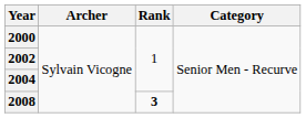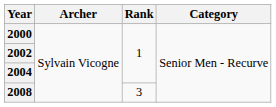 <table class="wikitable" style="text-align:center;">
 <tr>
 <th scope="col">Year</th>
 <th scope="col">Archer</th>
 <th scope="col">Rank</th>
 <th scope="col">Category</th>
 </tr>
 <tr>
 <th scope="row">2000</th>
 <td rowspan="4">Sylvain Vicogne</td>
 <td rowspan="3"> 1</td>
 <td rowspan="4">Senior Men - Recurve</td>
 </tr>
 <tr>
 <th scope="row">2002</th>
 </tr>
 <tr>
 <th scope="row">2004</th>
 </tr>
 <tr>
 <th scope="row">2008</th>
-<td><strong> 3</strong></td>
+<td> 3</td>
 </tr>
 </table>
